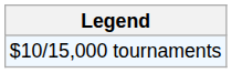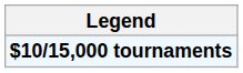 <table class="wikitable" style="font-size:85%">
 <tr>
 <th>Legend</th>
 </tr>
 <tr style="background:#f0f8ff;">
-<td>$10/15,000 tournaments</td>
+<td><strong>$10/15,000 tournaments</strong></td>
 </tr>
 </table>
